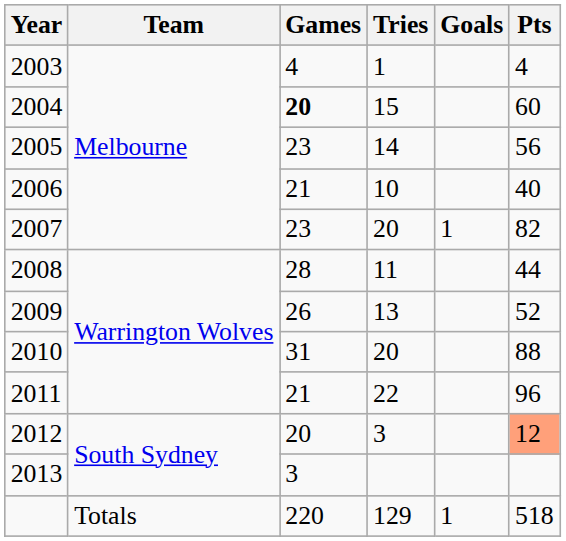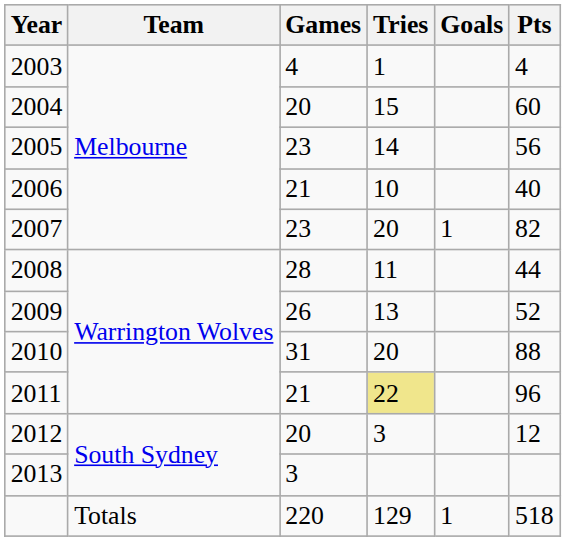 <table class="wikitable">
 <tr>
 <th>Year</th>
 <th>Team</th>
 <th>Games</th>
 <th>Tries</th>
 <th>Goals</th>
 <th>Pts</th>
 </tr>
 <tr>
 <td>2003</td>
 <td rowspan="5"> <a href='#'>Melbourne</a></td>
 <td>4</td>
 <td>1</td>
 <td></td>
 <td>4</td>
 </tr>
 <tr>
 <td>2004</td>
-<td><strong>20</strong></td>
+<td>20</td>
 <td>15</td>
 <td></td>
 <td>60</td>
 </tr>
 <tr>
 <td>2005</td>
 <td>23</td>
 <td>14</td>
 <td></td>
 <td>56</td>
 </tr>
 <tr>
 <td>2006</td>
 <td>21</td>
 <td>10</td>
 <td></td>
 <td>40</td>
 </tr>
 <tr>
 <td>2007</td>
 <td>23</td>
 <td>20</td>
 <td>1</td>
 <td>82</td>
 </tr>
 <tr>
 <td>2008</td>
 <td rowspan="4"> <a href='#'>Warrington Wolves</a></td>
 <td>28</td>
 <td>11</td>
 <td></td>
 <td>44</td>
 </tr>
 <tr>
 <td>2009</td>
 <td>26</td>
 <td>13</td>
 <td></td>
 <td>52</td>
 </tr>
 <tr>
 <td>2010</td>
 <td>31</td>
 <td>20</td>
 <td></td>
 <td>88</td>
 </tr>
 <tr>
 <td>2011</td>
 <td>21</td>
-<td>22</td>
+<td style="background: khaki;">22</td>
 <td></td>
 <td>96</td>
 </tr>
 <tr>
 <td>2012</td>
 <td rowspan="2"> <a href='#'>South Sydney</a></td>
 <td>20</td>
 <td>3</td>
 <td></td>
-<td style="background: lightsalmon;">12</td>
+<td>12</td>
 </tr>
 <tr>
 <td>2013</td>
 <td>3</td>
 <td></td>
 <td></td>
 <td></td>
 </tr>
 <tr>
 <td></td>
 <td>Totals</td>
 <td>220</td>
 <td>129</td>
 <td>1</td>
 <td>518</td>
 </tr>
 </table>
